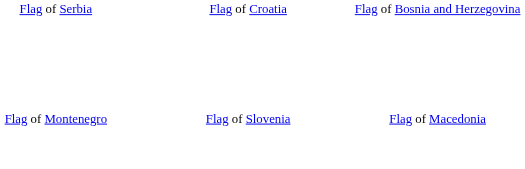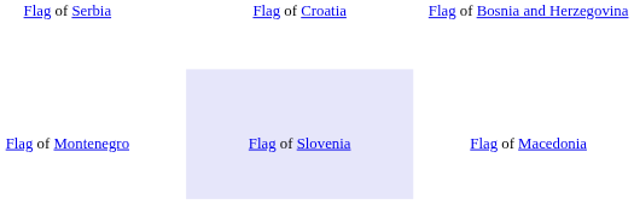 <table style="margin:0 auto; text-align:center; vertical-align:top; width:600px; font-size:smaller;">
 <tr>
 <td><br><a href='#'>Flag</a> of <a href='#'>Serbia</a></td>
 <td style="width:33%;"><br><a href='#'>Flag</a> of <a href='#'>Croatia</a></td>
 <td style="width:33%; height:110px;"><br><a href='#'>Flag</a> of <a href='#'>Bosnia and Herzegovina</a></td>
 </tr>
 <tr>
 <td style="height:110px;"><br><a href='#'>Flag</a> of <a href='#'>Montenegro</a></td>
-<td><br><a href='#'>Flag</a> of <a href='#'>Slovenia</a></td>
+<td style="background: lavender;"><br><a href='#'>Flag</a> of <a href='#'>Slovenia</a></td>
 <td><br><a href='#'>Flag</a> of <a href='#'>Macedonia</a></td>
 </tr>
 <tr>
 </tr>
 </table>
